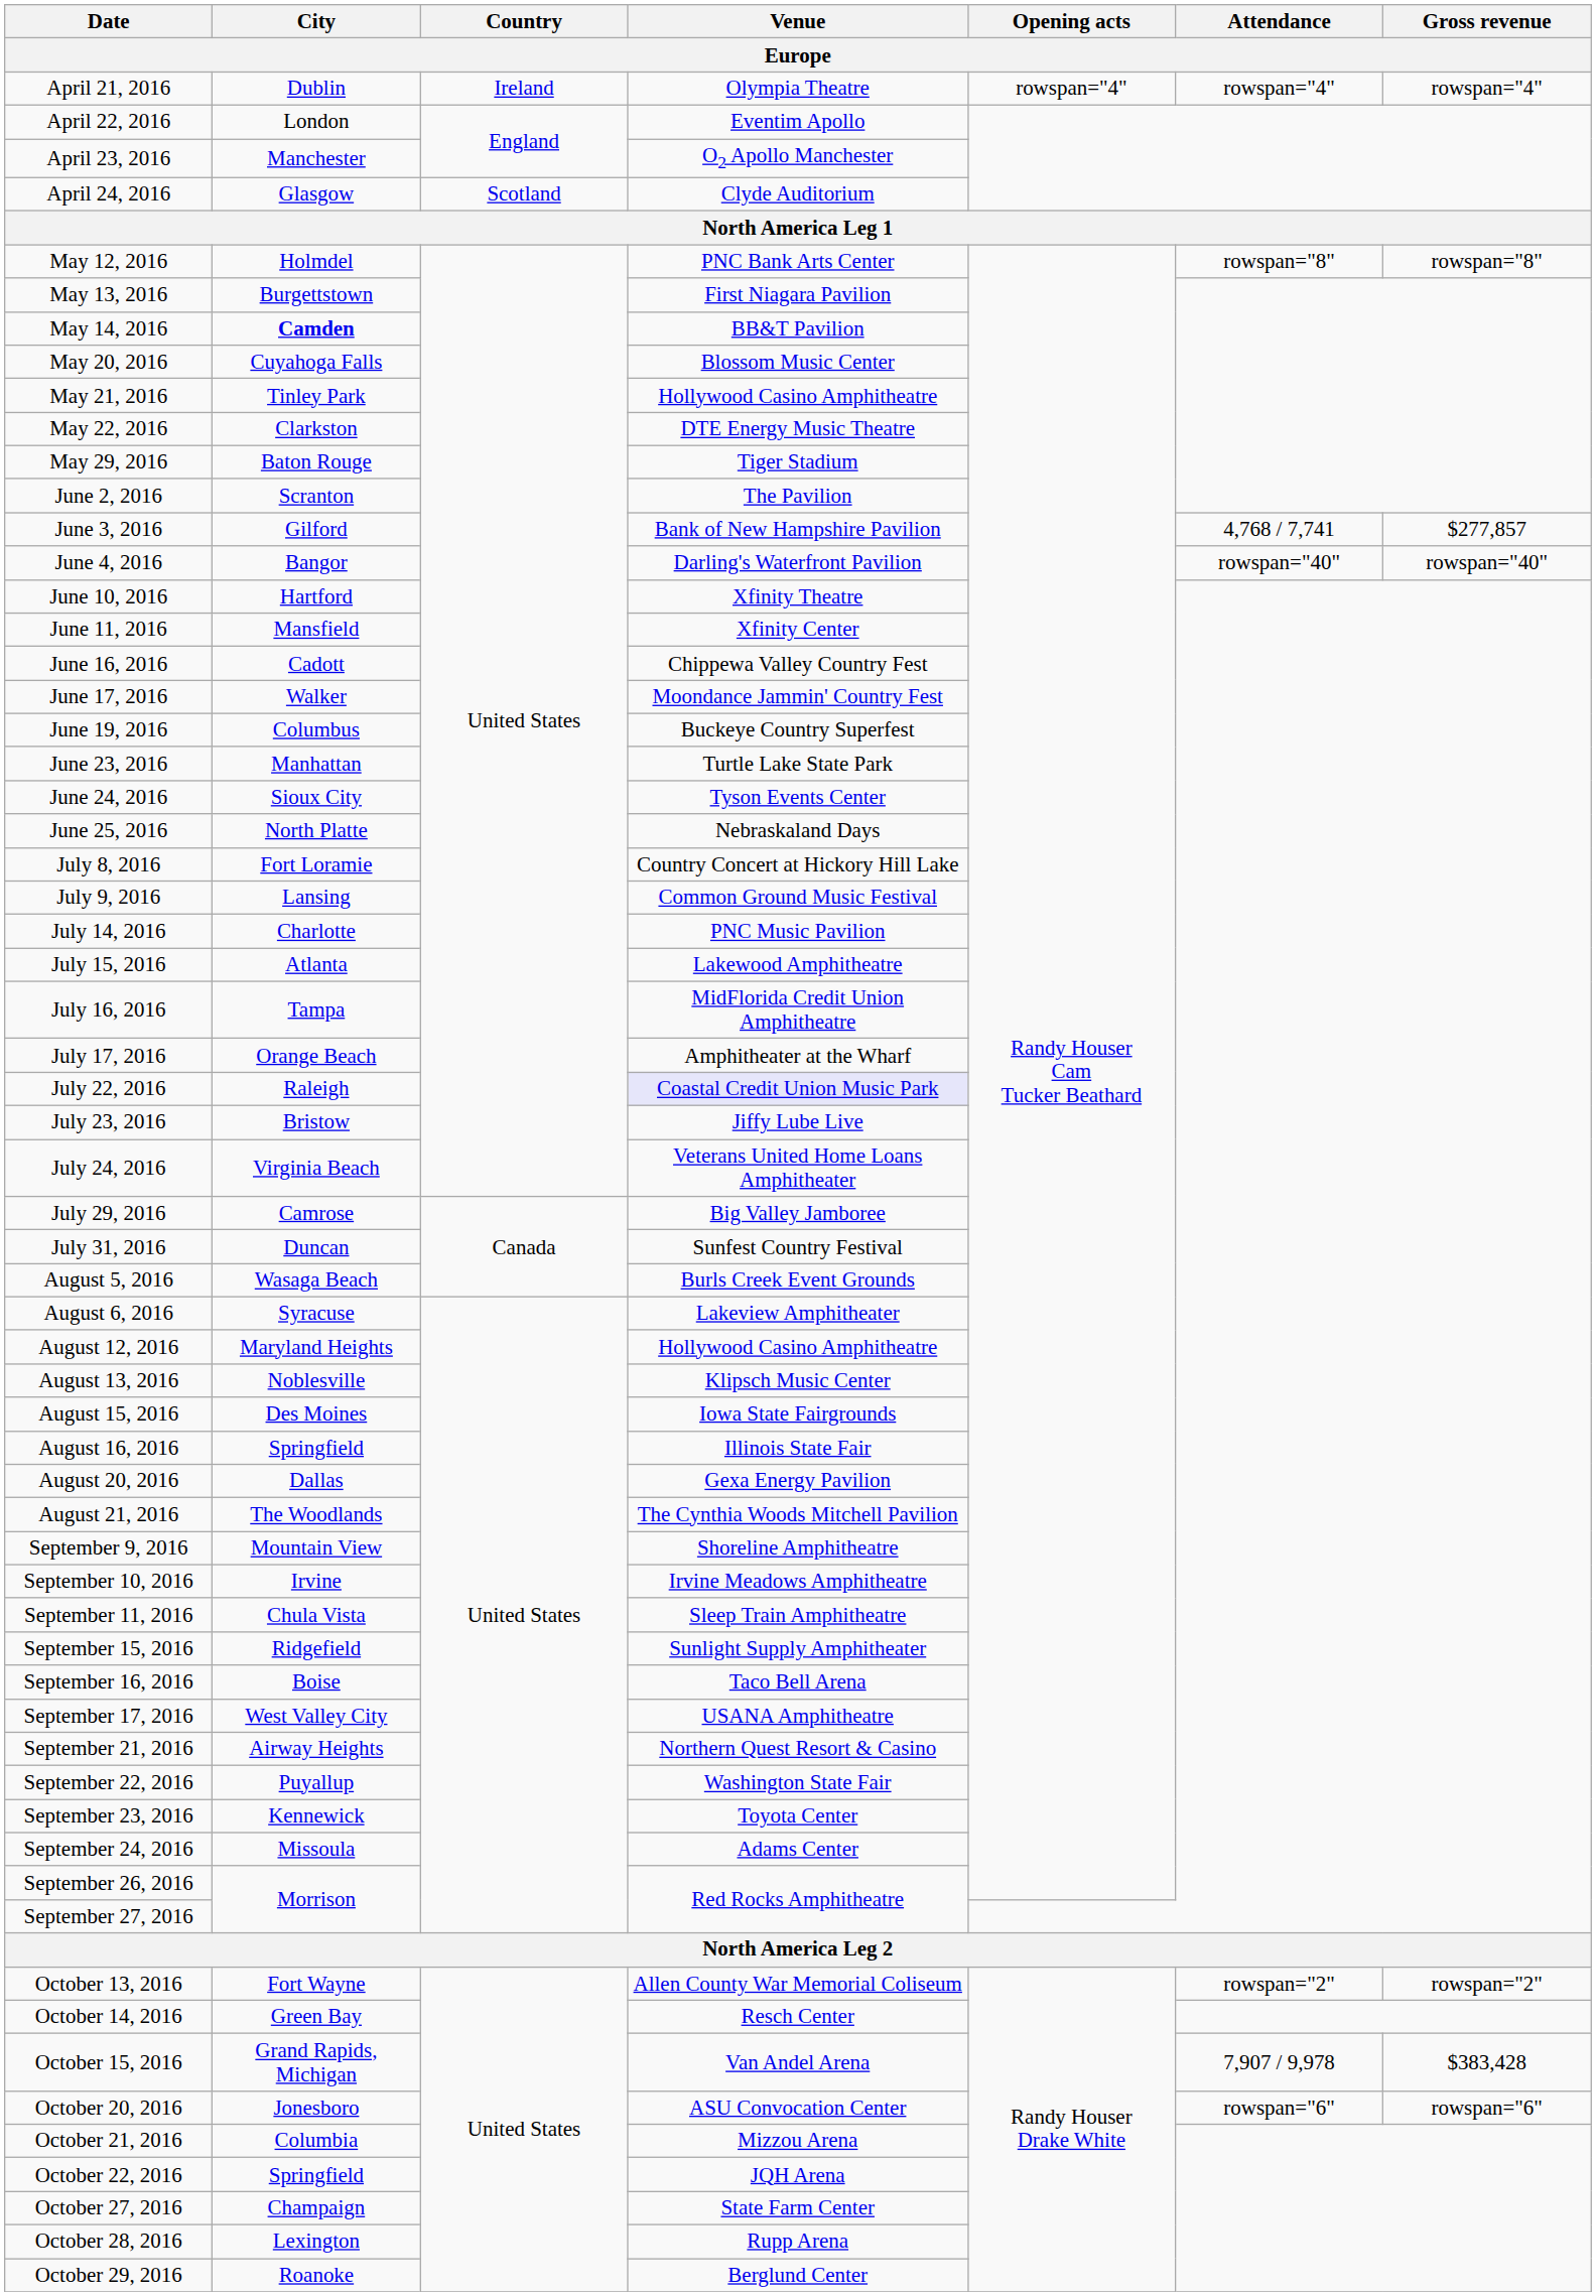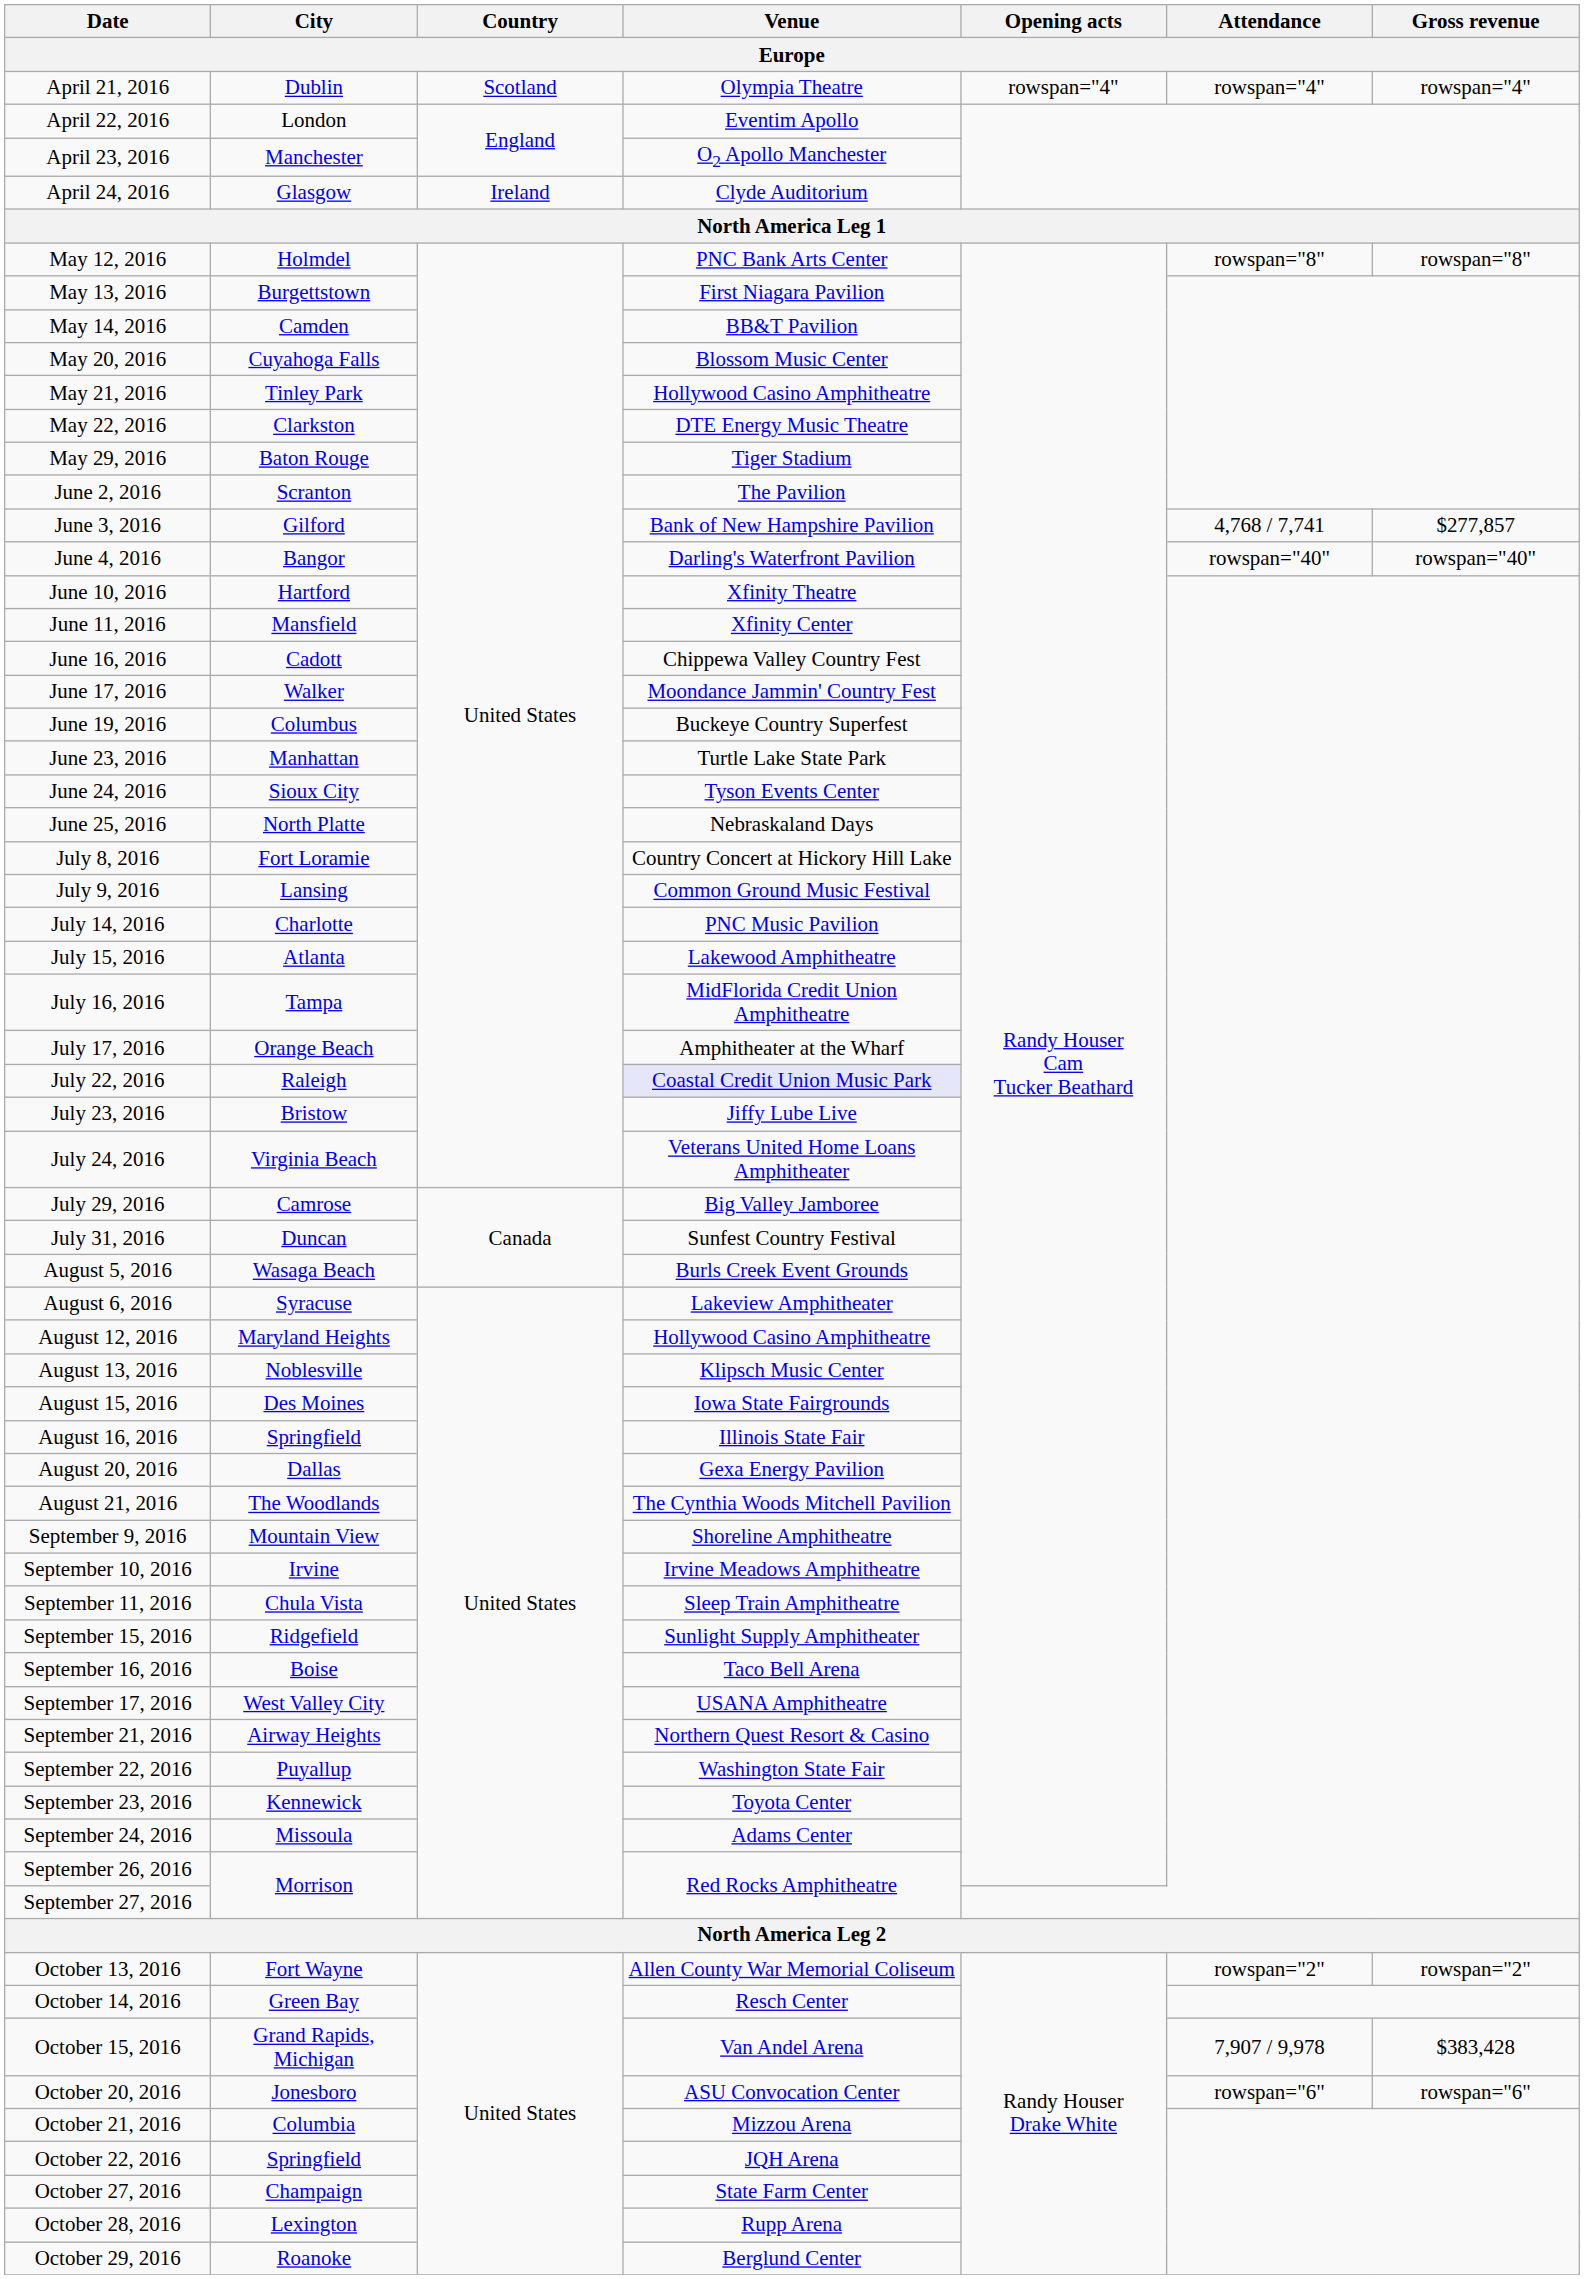 <table class="wikitable" style="text-align:center;">
 <tr>
 <th style="width:150px;">Date</th>
 <th style="width:150px;">City</th>
 <th style="width:150px;">Country</th>
 <th style="width:250px;">Venue</th>
 <th style="width:150px;">Opening acts</th>
 <th style="width:150px;">Attendance</th>
 <th style="width:150px;">Gross revenue</th>
 </tr>
 <tr>
 <th colspan="7">Europe</th>
 </tr>
 <tr>
 <td>April 21, 2016</td>
 <td><a href='#'>Dublin</a></td>
-<td><a href='#'>Ireland</a></td>
+<td><a href='#'>Scotland</a></td>
 <td><a href='#'>Olympia Theatre</a></td>
 <td>rowspan="4" </td>
 <td>rowspan="4" </td>
 <td>rowspan="4" </td>
 </tr>
 <tr>
 <td>April 22, 2016</td>
 <td>London</td>
 <td rowspan="2"><a href='#'>England</a></td>
 <td><a href='#'>Eventim Apollo</a></td>
 </tr>
 <tr>
 <td>April 23, 2016</td>
 <td><a href='#'>Manchester</a></td>
 <td><a href='#'>O<sub>2</sub> Apollo Manchester</a></td>
 </tr>
 <tr>
 <td>April 24, 2016</td>
 <td><a href='#'>Glasgow</a></td>
-<td><a href='#'>Scotland</a></td>
+<td><a href='#'>Ireland</a></td>
 <td><a href='#'>Clyde Auditorium</a></td>
 </tr>
 <tr>
 <th colspan="7">North America Leg 1</th>
 </tr>
 <tr>
 <td>May 12, 2016</td>
 <td><a href='#'>Holmdel</a></td>
 <td rowspan="27">United States</td>
 <td><a href='#'>PNC Bank Arts Center</a></td>
 <td rowspan="48"><a href='#'>Randy Houser</a><br><a href='#'>Cam</a><br><a href='#'>Tucker Beathard</a></td>
 <td>rowspan="8" </td>
 <td>rowspan="8" </td>
 </tr>
 <tr>
 <td>May 13, 2016</td>
 <td><a href='#'>Burgettstown</a></td>
 <td><a href='#'>First Niagara Pavilion</a></td>
 </tr>
 <tr>
 <td>May 14, 2016</td>
-<td><strong><a href='#'>Camden</a></strong></td>
+<td><a href='#'>Camden</a></td>
 <td><a href='#'>BB&T Pavilion</a></td>
 </tr>
 <tr>
 <td>May 20, 2016</td>
 <td><a href='#'>Cuyahoga Falls</a></td>
 <td><a href='#'>Blossom Music Center</a></td>
 </tr>
 <tr>
 <td>May 21, 2016</td>
 <td><a href='#'>Tinley Park</a></td>
 <td><a href='#'>Hollywood Casino Amphitheatre</a></td>
 </tr>
 <tr>
 <td>May 22, 2016</td>
 <td><a href='#'>Clarkston</a></td>
 <td><a href='#'>DTE Energy Music Theatre</a></td>
 </tr>
 <tr>
 <td>May 29, 2016</td>
 <td><a href='#'>Baton Rouge</a></td>
 <td><a href='#'>Tiger Stadium</a></td>
 </tr>
 <tr>
 <td>June 2, 2016</td>
 <td><a href='#'>Scranton</a></td>
 <td><a href='#'>The Pavilion</a></td>
 </tr>
 <tr>
 <td>June 3, 2016</td>
 <td><a href='#'>Gilford</a></td>
 <td><a href='#'>Bank of New Hampshire Pavilion</a></td>
 <td>4,768 / 7,741</td>
 <td>$277,857</td>
 </tr>
 <tr>
 <td>June 4, 2016</td>
 <td><a href='#'>Bangor</a></td>
 <td><a href='#'>Darling's Waterfront Pavilion</a></td>
 <td>rowspan="40" </td>
 <td>rowspan="40" </td>
 </tr>
 <tr>
 <td>June 10, 2016</td>
 <td><a href='#'>Hartford</a></td>
 <td><a href='#'>Xfinity Theatre</a></td>
 </tr>
 <tr>
 <td>June 11, 2016</td>
 <td><a href='#'>Mansfield</a></td>
 <td><a href='#'>Xfinity Center</a></td>
 </tr>
 <tr>
 <td>June 16, 2016</td>
 <td><a href='#'>Cadott</a></td>
 <td>Chippewa Valley Country Fest</td>
 </tr>
 <tr>
 <td>June 17, 2016</td>
 <td><a href='#'>Walker</a></td>
 <td><a href='#'>Moondance Jammin' Country Fest</a></td>
 </tr>
 <tr>
 <td>June 19, 2016</td>
 <td><a href='#'>Columbus</a></td>
 <td>Buckeye Country Superfest</td>
 </tr>
 <tr>
 <td>June 23, 2016</td>
 <td><a href='#'>Manhattan</a></td>
 <td>Turtle Lake State Park</td>
 </tr>
 <tr>
 <td>June 24, 2016</td>
 <td><a href='#'>Sioux City</a></td>
 <td><a href='#'>Tyson Events Center</a></td>
 </tr>
 <tr>
 <td>June 25, 2016</td>
 <td><a href='#'>North Platte</a></td>
 <td>Nebraskaland Days</td>
 </tr>
 <tr>
 <td>July 8, 2016</td>
 <td><a href='#'>Fort Loramie</a></td>
 <td>Country Concert at Hickory Hill Lake</td>
 </tr>
 <tr>
 <td>July 9, 2016</td>
 <td><a href='#'>Lansing</a></td>
 <td><a href='#'>Common Ground Music Festival</a></td>
 </tr>
 <tr>
 <td>July 14, 2016</td>
 <td><a href='#'>Charlotte</a></td>
 <td><a href='#'>PNC Music Pavilion</a></td>
 </tr>
 <tr>
 <td>July 15, 2016</td>
 <td><a href='#'>Atlanta</a></td>
 <td><a href='#'>Lakewood Amphitheatre</a></td>
 </tr>
 <tr>
 <td>July 16, 2016</td>
 <td><a href='#'>Tampa</a></td>
 <td><a href='#'>MidFlorida Credit Union Amphitheatre</a></td>
 </tr>
 <tr>
 <td>July 17, 2016</td>
 <td><a href='#'>Orange Beach</a></td>
 <td>Amphitheater at the Wharf</td>
 </tr>
 <tr>
 <td>July 22, 2016</td>
 <td><a href='#'>Raleigh</a></td>
 <td style="background: lavender;"><a href='#'>Coastal Credit Union Music Park</a></td>
 </tr>
 <tr>
 <td>July 23, 2016</td>
 <td><a href='#'>Bristow</a></td>
 <td><a href='#'>Jiffy Lube Live</a></td>
 </tr>
 <tr>
 <td>July 24, 2016</td>
 <td><a href='#'>Virginia Beach</a></td>
 <td><a href='#'>Veterans United Home Loans Amphitheater</a></td>
 </tr>
 <tr>
 <td>July 29, 2016</td>
 <td><a href='#'>Camrose</a></td>
 <td rowspan="3">Canada</td>
 <td><a href='#'>Big Valley Jamboree</a></td>
 </tr>
 <tr>
 <td>July 31, 2016</td>
 <td><a href='#'>Duncan</a></td>
 <td>Sunfest Country Festival</td>
 </tr>
 <tr>
 <td>August 5, 2016</td>
 <td><a href='#'>Wasaga Beach</a></td>
 <td><a href='#'>Burls Creek Event Grounds</a></td>
 </tr>
 <tr>
 <td>August 6, 2016</td>
 <td><a href='#'>Syracuse</a></td>
 <td rowspan="19">United States</td>
 <td><a href='#'>Lakeview Amphitheater</a></td>
 </tr>
 <tr>
 <td>August 12, 2016</td>
 <td><a href='#'>Maryland Heights</a></td>
 <td><a href='#'>Hollywood Casino Amphitheatre</a></td>
 </tr>
 <tr>
 <td>August 13, 2016</td>
 <td><a href='#'>Noblesville</a></td>
 <td><a href='#'>Klipsch Music Center</a></td>
 </tr>
 <tr>
 <td>August 15, 2016</td>
 <td><a href='#'>Des Moines</a></td>
 <td><a href='#'>Iowa State Fairgrounds</a></td>
 </tr>
 <tr>
 <td>August 16, 2016</td>
 <td><a href='#'>Springfield</a></td>
 <td><a href='#'>Illinois State Fair</a></td>
 </tr>
 <tr>
 <td>August 20, 2016</td>
 <td><a href='#'>Dallas</a></td>
 <td><a href='#'>Gexa Energy Pavilion</a></td>
 </tr>
 <tr>
 <td>August 21, 2016</td>
 <td><a href='#'>The Woodlands</a></td>
 <td><a href='#'>The Cynthia Woods Mitchell Pavilion</a></td>
 </tr>
 <tr>
 <td>September 9, 2016</td>
 <td><a href='#'>Mountain View</a></td>
 <td><a href='#'>Shoreline Amphitheatre</a></td>
 </tr>
 <tr>
 <td>September 10, 2016</td>
 <td><a href='#'>Irvine</a></td>
 <td><a href='#'>Irvine Meadows Amphitheatre</a></td>
 </tr>
 <tr>
 <td>September 11, 2016</td>
 <td><a href='#'>Chula Vista</a></td>
 <td><a href='#'>Sleep Train Amphitheatre</a></td>
 </tr>
 <tr>
 <td>September 15, 2016</td>
 <td><a href='#'>Ridgefield</a></td>
 <td><a href='#'>Sunlight Supply Amphitheater</a></td>
 </tr>
 <tr>
 <td>September 16, 2016</td>
 <td><a href='#'>Boise</a></td>
 <td><a href='#'>Taco Bell Arena</a></td>
 </tr>
 <tr>
 <td>September 17, 2016</td>
 <td><a href='#'>West Valley City</a></td>
 <td><a href='#'>USANA Amphitheatre</a></td>
 </tr>
 <tr>
 <td>September 21, 2016</td>
 <td><a href='#'>Airway Heights</a></td>
 <td><a href='#'>Northern Quest Resort & Casino</a></td>
 </tr>
 <tr>
 <td>September 22, 2016</td>
 <td><a href='#'>Puyallup</a></td>
 <td><a href='#'>Washington State Fair</a></td>
 </tr>
 <tr>
 <td>September 23, 2016</td>
 <td><a href='#'>Kennewick</a></td>
 <td><a href='#'>Toyota Center</a></td>
 </tr>
 <tr>
 <td>September 24, 2016</td>
 <td><a href='#'>Missoula</a></td>
 <td><a href='#'>Adams Center</a></td>
 </tr>
 <tr>
 <td>September 26, 2016</td>
 <td rowspan="2"><a href='#'>Morrison</a></td>
 <td rowspan="2"><a href='#'>Red Rocks Amphitheatre</a></td>
 </tr>
 <tr>
 <td>September 27, 2016</td>
 </tr>
 <tr>
 <th colspan="7">North America Leg 2</th>
 </tr>
 <tr>
 <td>October 13, 2016</td>
 <td><a href='#'>Fort Wayne</a></td>
 <td rowspan="9">United States</td>
 <td><a href='#'>Allen County War Memorial Coliseum</a></td>
 <td rowspan="9">Randy Houser<br><a href='#'>Drake White</a></td>
 <td>rowspan="2" </td>
 <td>rowspan="2" </td>
 </tr>
 <tr>
 <td>October 14, 2016</td>
 <td><a href='#'>Green Bay</a></td>
 <td><a href='#'>Resch Center</a></td>
 </tr>
 <tr>
 <td>October 15, 2016</td>
 <td><a href='#'>Grand Rapids, Michigan</a></td>
 <td><a href='#'>Van Andel Arena</a></td>
 <td>7,907 / 9,978</td>
 <td>$383,428</td>
 </tr>
 <tr>
 <td>October 20, 2016</td>
 <td><a href='#'>Jonesboro</a></td>
 <td><a href='#'>ASU Convocation Center</a></td>
 <td>rowspan="6" </td>
 <td>rowspan="6" </td>
 </tr>
 <tr>
 <td>October 21, 2016</td>
 <td><a href='#'>Columbia</a></td>
 <td><a href='#'>Mizzou Arena</a></td>
 </tr>
 <tr>
 <td>October 22, 2016</td>
 <td><a href='#'>Springfield</a></td>
 <td><a href='#'>JQH Arena</a></td>
 </tr>
 <tr>
 <td>October 27, 2016</td>
 <td><a href='#'>Champaign</a></td>
 <td><a href='#'>State Farm Center</a></td>
 </tr>
 <tr>
 <td>October 28, 2016</td>
 <td><a href='#'>Lexington</a></td>
 <td><a href='#'>Rupp Arena</a></td>
 </tr>
 <tr>
 <td>October 29, 2016</td>
 <td><a href='#'>Roanoke</a></td>
 <td><a href='#'>Berglund Center</a></td>
 </tr>
 </table>
